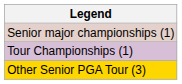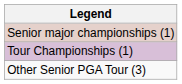 <table class="wikitable" style="font-size:95%;">
 <tr>
 <th>Legend</th>
 </tr>
 <tr style="background:#e5d1cb;">
 <td>Senior major championships (1)</td>
 </tr>
 <tr style="background:thistle;">
 <td>Tour Championships (1)</td>
 </tr>
 <tr>
-<td style="background: gold;">Other Senior PGA Tour (3)</td>
+<td>Other Senior PGA Tour (3)</td>
 </tr>
 </table>
